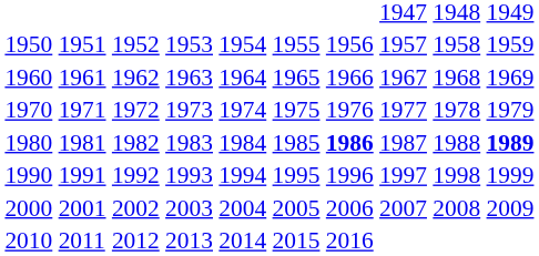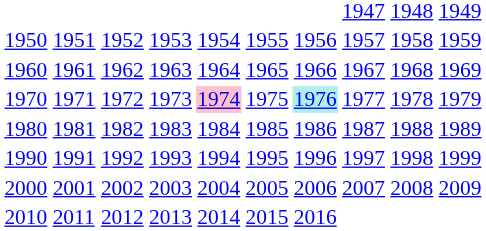 <table align=center>
 <tr>
 <td> </td>
 <td> </td>
 <td> </td>
 <td> </td>
 <td> </td>
 <td> </td>
 <td> </td>
 <td><a href='#'>1947</a></td>
 <td><a href='#'>1948</a></td>
 <td><a href='#'>1949</a></td>
 </tr>
 <tr>
 <td><a href='#'>1950</a></td>
 <td><a href='#'>1951</a></td>
 <td><a href='#'>1952</a></td>
 <td><a href='#'>1953</a></td>
 <td><a href='#'>1954</a></td>
 <td><a href='#'>1955</a></td>
 <td><a href='#'>1956</a></td>
 <td><a href='#'>1957</a></td>
 <td><a href='#'>1958</a></td>
 <td><a href='#'>1959</a></td>
 </tr>
 <tr>
 <td><a href='#'>1960</a></td>
 <td><a href='#'>1961</a></td>
 <td><a href='#'>1962</a></td>
 <td><a href='#'>1963</a></td>
 <td><a href='#'>1964</a></td>
 <td><a href='#'>1965</a></td>
 <td><a href='#'>1966</a></td>
 <td><a href='#'>1967</a></td>
 <td><a href='#'>1968</a></td>
 <td><a href='#'>1969</a></td>
 </tr>
 <tr>
 <td><a href='#'>1970</a></td>
 <td><a href='#'>1971</a></td>
 <td><a href='#'>1972</a></td>
 <td><a href='#'>1973</a></td>
-<td><a href='#'>1974</a></td>
+<td style="background: pink;"><a href='#'>1974</a></td>
 <td><a href='#'>1975</a></td>
-<td><a href='#'>1976</a></td>
+<td style="background: paleturquoise;"><a href='#'>1976</a></td>
 <td><a href='#'>1977</a></td>
 <td><a href='#'>1978</a></td>
 <td><a href='#'>1979</a></td>
 </tr>
 <tr>
 <td><a href='#'>1980</a></td>
 <td><a href='#'>1981</a></td>
 <td><a href='#'>1982</a></td>
 <td><a href='#'>1983</a></td>
 <td><a href='#'>1984</a></td>
 <td><a href='#'>1985</a></td>
-<td><strong><a href='#'>1986</a></strong></td>
+<td><a href='#'>1986</a></td>
 <td><a href='#'>1987</a></td>
 <td><a href='#'>1988</a></td>
-<td><strong><a href='#'>1989</a></strong></td>
+<td><a href='#'>1989</a></td>
 </tr>
 <tr>
 <td><a href='#'>1990</a></td>
 <td><a href='#'>1991</a></td>
 <td><a href='#'>1992</a></td>
 <td><a href='#'>1993</a></td>
 <td><a href='#'>1994</a></td>
 <td><a href='#'>1995</a></td>
 <td><a href='#'>1996</a></td>
 <td><a href='#'>1997</a></td>
 <td><a href='#'>1998</a></td>
 <td><a href='#'>1999</a></td>
 </tr>
 <tr>
 <td><a href='#'>2000</a></td>
 <td><a href='#'>2001</a></td>
 <td><a href='#'>2002</a></td>
 <td><a href='#'>2003</a></td>
 <td><a href='#'>2004</a></td>
 <td><a href='#'>2005</a></td>
 <td><a href='#'>2006</a></td>
 <td><a href='#'>2007</a></td>
 <td><a href='#'>2008</a></td>
 <td><a href='#'>2009</a></td>
 <td> </td>
 </tr>
 <tr>
 <td><a href='#'>2010</a></td>
 <td><a href='#'>2011</a></td>
 <td><a href='#'>2012</a></td>
 <td><a href='#'>2013</a></td>
 <td><a href='#'>2014</a></td>
 <td><a href='#'>2015</a></td>
 <td><a href='#'>2016</a></td>
 </tr>
 </table>
